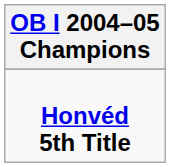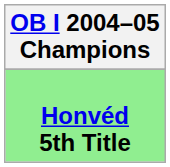 <table class="wikitable" style="text-align: center; margin: 0 auto;">
 <tr>
 <th><a href='#'>OB I</a> 2004–05<br>Champions</th>
 </tr>
 <tr>
 </tr>
 <tr>
-<td><br><strong><a href='#'>Honvéd</a></strong><br><strong>5th Title</strong></td>
+<td style="background: lightgreen;"><br><strong><a href='#'>Honvéd</a></strong><br><strong>5th Title</strong></td>
 </tr>
 </table>
